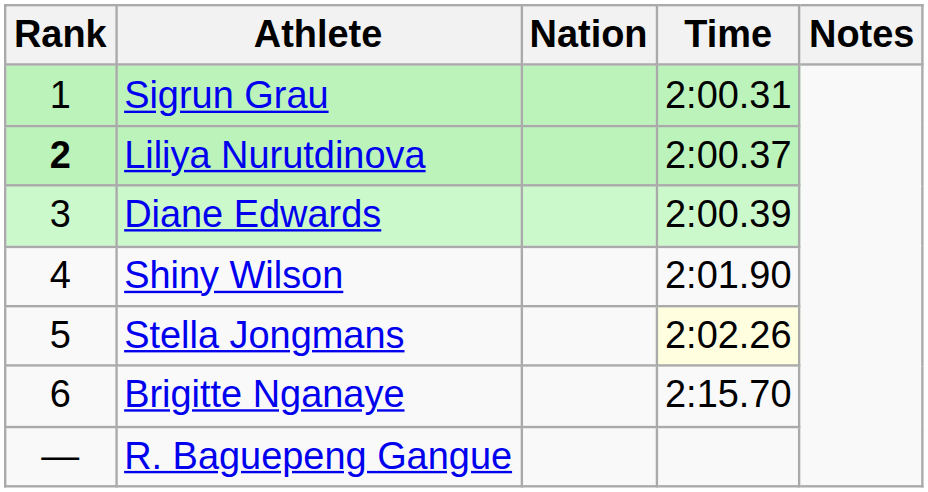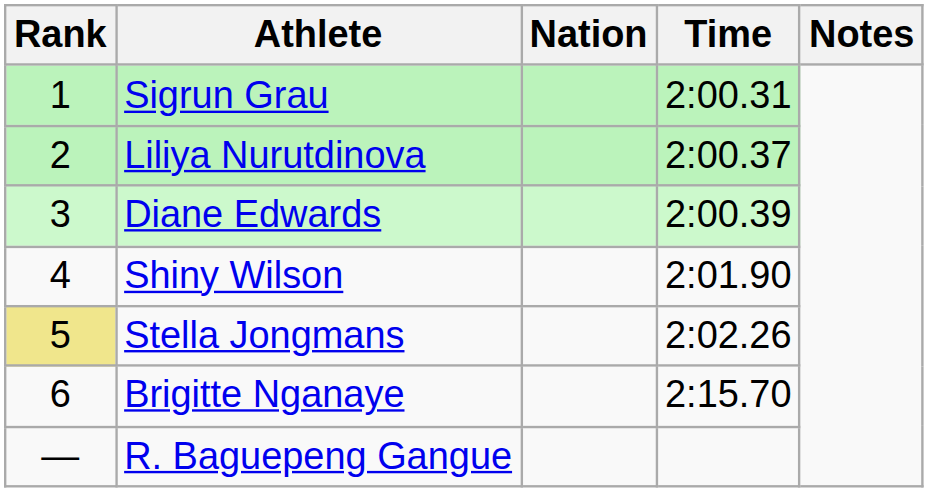 <table class="wikitable sortable" style="text-align:center">
 <tr>
 <th>Rank</th>
 <th>Athlete</th>
 <th>Nation</th>
 <th>Time</th>
 <th>Notes</th>
 </tr>
 <tr style="background:#bbf3bb;">
 <td>1</td>
 <td align=left><a href='#'>Sigrun Grau</a></td>
 <td align=left></td>
 <td>2:00.31</td>
 </tr>
 <tr style="background:#bbf3bb;">
-<td><strong>2</strong></td>
+<td>2</td>
 <td align=left><a href='#'>Liliya Nurutdinova</a></td>
 <td align=left></td>
 <td>2:00.37</td>
 </tr>
 <tr style="background:#ccf9cc;">
 <td>3</td>
 <td align=left><a href='#'>Diane Edwards</a></td>
 <td align=left></td>
 <td>2:00.39</td>
 </tr>
 <tr>
 <td>4</td>
 <td align=left><a href='#'>Shiny Wilson</a></td>
 <td align=left></td>
 <td>2:01.90</td>
 </tr>
 <tr>
-<td>5</td>
+<td style="background: khaki;">5</td>
 <td align=left><a href='#'>Stella Jongmans</a></td>
 <td align=left></td>
-<td style="background: lightyellow;">2:02.26</td>
+<td>2:02.26</td>
 </tr>
 <tr>
 <td>6</td>
 <td align=left><a href='#'>Brigitte Nganaye</a></td>
 <td align=left></td>
 <td>2:15.70</td>
 </tr>
 <tr>
 <td align="center">—</td>
 <td align=left><a href='#'>R. Baguepeng Gangue</a></td>
 <td align=left></td>
 <td></td>
 </tr>
 </table>
